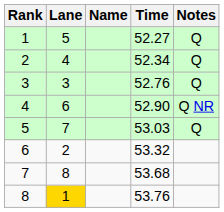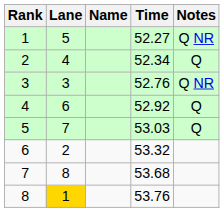 <table class="wikitable sortable" style="text-align:center">
 <tr>
 <th>Rank</th>
 <th>Lane</th>
 <th>Name</th>
 <th>Time</th>
 <th>Notes</th>
 </tr>
 <tr bgcolor=ccffcc>
 <td>1</td>
 <td>5</td>
 <td align=left></td>
 <td>52.27</td>
-<td>Q</td>
+<td>Q <a href='#'>NR</a></td>
 </tr>
 <tr bgcolor=ccffcc>
 <td>2</td>
 <td>4</td>
 <td align=left></td>
 <td>52.34</td>
 <td>Q</td>
 </tr>
 <tr bgcolor=ccffcc>
 <td>3</td>
 <td>3</td>
 <td align=left></td>
 <td>52.76</td>
-<td>Q</td>
+<td>Q <a href='#'>NR</a></td>
 </tr>
 <tr bgcolor=ccffcc>
 <td>4</td>
 <td>6</td>
 <td align=left></td>
-<td>52.90</td>
-<td>Q <a href='#'>NR</a></td>
+<td>52.92</td>
+<td>Q</td>
 </tr>
 <tr bgcolor=ccffcc>
 <td>5</td>
 <td>7</td>
 <td align=left></td>
 <td>53.03</td>
 <td>Q</td>
 </tr>
 <tr>
 <td>6</td>
 <td>2</td>
 <td align=left></td>
 <td>53.32</td>
 <td></td>
 </tr>
 <tr>
 <td>7</td>
 <td>8</td>
 <td align=left></td>
 <td>53.68</td>
 <td></td>
 </tr>
 <tr>
 <td>8</td>
 <td style="background: gold;">1</td>
 <td align=left></td>
 <td>53.76</td>
 <td></td>
 </tr>
 </table>
